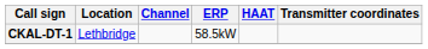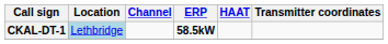 <table class="wikitable">
 <tr>
 <th scope = "col">Call sign</th>
 <th scope = "col">Location</th>
 <th scope = "col"><a href='#'>Channel</a></th>
 <th scope = "col"><a href='#'>ERP</a></th>
 <th scope = "col"><a href='#'>HAAT</a></th>
 <th scope = "col">Transmitter coordinates</th>
 </tr>
 <tr style="vertical-align: top; text-align: left;">
 <th scope = "row">CKAL-DT-1</th>
-<td><a href='#'>Lethbridge</a></td>
+<td style="background: lightblue;"><a href='#'>Lethbridge</a></td>
 <td></td>
-<td>58.5kW</td>
+<td><strong>58.5kW</strong></td>
 <td></td>
 <td></td>
 </tr>
 <tr style="vertical-align: top; text-align: left;">
 </tr>
 </table>
